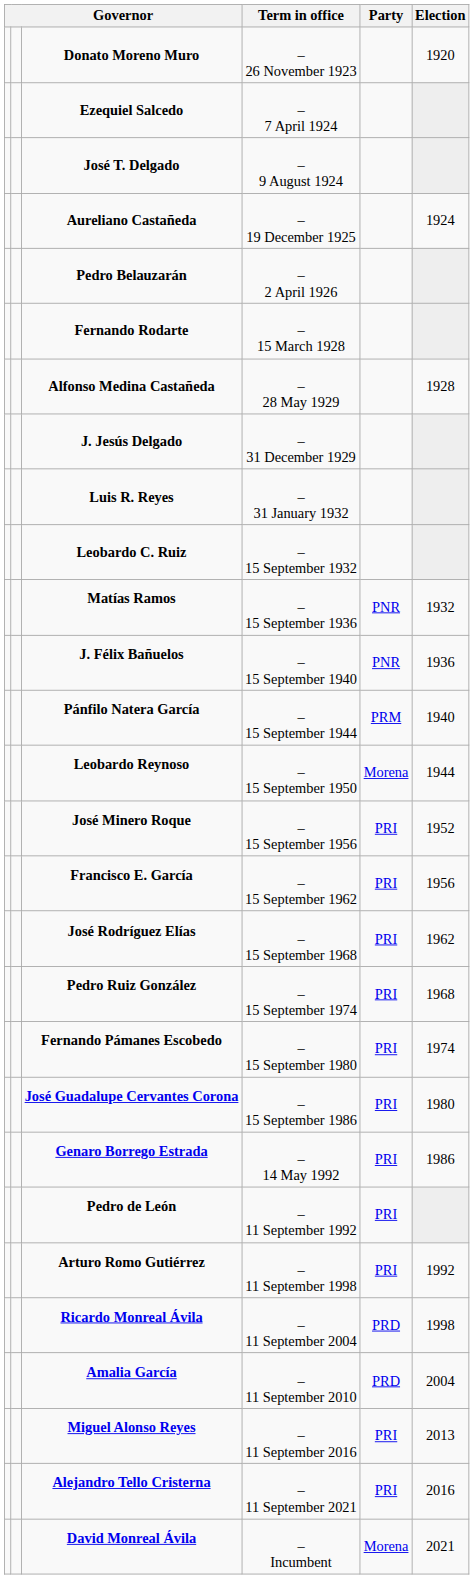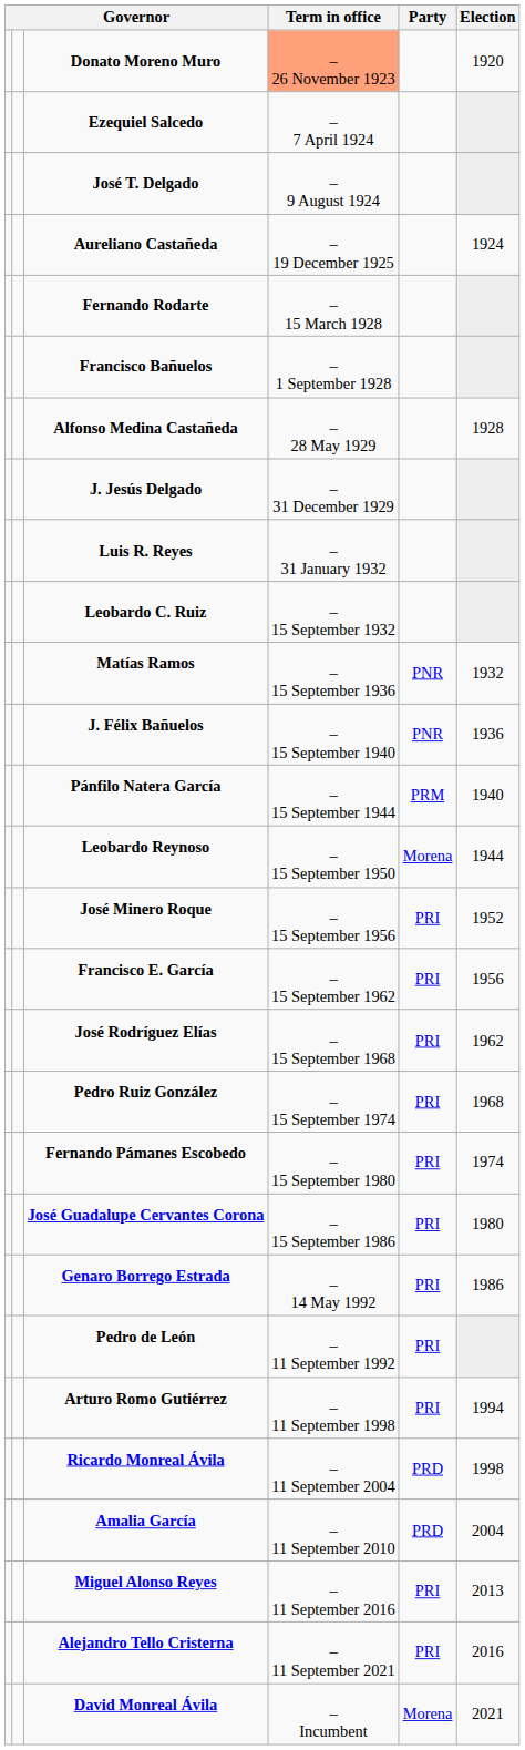 <table class="wikitable sortable mw-collapsible sticky-header-multi" style="text-align:center;">
 <tr>
 <th scope="colgroup" colspan="3">Governor</th>
 <th scope="col">Term in office</th>
 <th scope="col">Party</th>
 <th scope="col">Election</th>
 </tr>
 <tr style="height:2em;">
 <td data-sort-value="Moreno Muro, Donato"></td>
 <td></td>
 <td><strong>Donato Moreno Muro</strong></td>
-<td><br>–<br>26 November 1923</td>
+<td style="background: lightsalmon;"><br>–<br>26 November 1923</td>
 <td></td>
 <td>1920</td>
 </tr>
 <tr style="height:2em;">
 <td data-sort-value="Salcedo, Ezequiel"></td>
 <td></td>
 <td><strong>Ezequiel Salcedo</strong></td>
 <td><br>–<br>7 April 1924</td>
 <td></td>
 <td style="background:#EEEEEE;"></td>
 </tr>
 <tr style="height:2em;">
 <td data-sort-value="Delgado, José T."></td>
 <td></td>
 <td><strong>José T. Delgado</strong></td>
 <td><br>–<br>9 August 1924</td>
 <td></td>
 <td style="background:#EEEEEE;"></td>
 </tr>
 <tr style="height:2em;">
 <td data-sort-value="Castañeda, Aureliano"></td>
 <td></td>
 <td><strong>Aureliano Castañeda</strong></td>
 <td><br>–<br>19 December 1925</td>
 <td></td>
 <td>1924</td>
 </tr>
 <tr style="height:2em;">
-<td data-sort-value="Belauzarán, Pedro"></td>
+<td data-sort-value="Rodarte, Fernando"></td>
 <td></td>
-<td><strong>Pedro Belauzarán</strong></td>
-<td><br>–<br>2 April 1926</td>
+<td><strong>Fernando Rodarte</strong></td>
+<td><br>–<br>15 March 1928</td>
 <td></td>
 <td style="background:#EEEEEE;"></td>
 </tr>
 <tr style="height:2em;">
-<td data-sort-value="Rodarte, Fernando"></td>
+<td data-sort-value="Bañuelos, Francisco"></td>
 <td></td>
-<td><strong>Fernando Rodarte</strong></td>
-<td><br>–<br>15 March 1928</td>
+<td><strong>Francisco Bañuelos</strong></td>
+<td><br>–<br>1 September 1928</td>
 <td></td>
 <td style="background:#EEEEEE;"></td>
 </tr>
 <tr style="height:2em;">
 <td data-sort-value="Medina Castañeda, Alfonso"></td>
 <td></td>
 <td><strong>Alfonso Medina Castañeda</strong></td>
 <td><br>–<br>28 May 1929</td>
 <td></td>
 <td>1928</td>
 </tr>
 <tr style="height:2em;">
 <td data-sort-value="Delgado, José Jesús"></td>
 <td></td>
 <td><strong>J. Jesús Delgado</strong></td>
 <td><br>–<br>31 December 1929</td>
 <td></td>
 <td style="background:#EEEEEE;"></td>
 </tr>
 <tr style="height:2em;">
 <td data-sort-value="Reyes, Luis R."></td>
 <td></td>
 <td><strong>Luis R. Reyes</strong></td>
 <td><br>–<br>31 January 1932</td>
 <td></td>
 <td style="background:#EEEEEE;"></td>
 </tr>
 <tr style="height:2em;">
 <td data-sort-value="Ruiz, Leobardo C."></td>
 <td></td>
 <td><strong>Leobardo C. Ruiz</strong></td>
 <td><br>–<br>15 September 1932</td>
 <td></td>
 <td style="background:#EEEEEE;"></td>
 </tr>
 <tr style="height:2em;">
 <td data-sort-value="Ramos Santos, Matías"></td>
 <td style="background: "> </td>
 <td><strong>Matías Ramos</strong><br><br></td>
 <td><br>–<br>15 September 1936</td>
 <td><a href='#'>PNR</a></td>
 <td>1932</td>
 </tr>
 <tr style="height:2em;">
 <td data-sort-value="Bañuelos Bañuelos, José Félix"></td>
 <td style="background: "> </td>
 <td><strong>J. Félix Bañuelos</strong><br><br></td>
 <td><br>–<br>15 September 1940</td>
 <td><a href='#'>PNR</a></td>
 <td>1936</td>
 </tr>
 <tr style="height:2em;">
 <td data-sort-value="Natera García, Pánfilo"></td>
 <td style="background: "> </td>
 <td><strong>Pánfilo Natera García</strong><br><br></td>
 <td><br>–<br>15 September 1944</td>
 <td><a href='#'>PRM</a></td>
 <td>1940</td>
 </tr>
 <tr style="height:2em;">
 <td data-sort-value="Reynoso Gutiérrez, Leobardo"></td>
 <td style="background: "> </td>
 <td><strong>Leobardo Reynoso</strong><br><br></td>
 <td><br>–<br>15 September 1950</td>
 <td><a href='#'>Morena</a></td>
 <td>1944</td>
 </tr>
 <tr style="height:2em;">
 <td data-sort-value="Minero Roque, José"></td>
 <td style="background: "> </td>
 <td><strong>José Minero Roque</strong><br><br></td>
 <td><br>–<br>15 September 1956</td>
 <td><a href='#'>PRI</a></td>
 <td>1952</td>
 </tr>
 <tr style="height:2em;">
 <td data-sort-value="García Estrada, Francisco E."></td>
 <td style="background: "> </td>
 <td><strong>Francisco E. García</strong><br><br></td>
 <td><br>–<br>15 September 1962</td>
 <td><a href='#'>PRI</a></td>
 <td>1956</td>
 </tr>
 <tr style="height:2em;">
 <td data-sort-value="Rodríguez Elías, José"></td>
 <td style="background: "> </td>
 <td><strong>José Rodríguez Elías</strong><br><br></td>
 <td><br>–<br>15 September 1968</td>
 <td><a href='#'>PRI</a></td>
 <td>1962</td>
 </tr>
 <tr style="height:2em;">
 <td data-sort-value="Ruiz González, Pedro"></td>
 <td style="background: "> </td>
 <td><strong>Pedro Ruiz González</strong><br><br></td>
 <td><br>–<br>15 September 1974</td>
 <td><a href='#'>PRI</a></td>
 <td>1968</td>
 </tr>
 <tr style="height:2em;">
 <td data-sort-value="Pámanes Escobedo, Fernando"></td>
 <td style="background: "> </td>
 <td><strong>Fernando Pámanes Escobedo</strong><br><br></td>
 <td><br>–<br>15 September 1980</td>
 <td><a href='#'>PRI</a></td>
 <td>1974</td>
 </tr>
 <tr style="height:2em;">
 <td data-sort-value="Cervantes Corona, José Guadalupe"></td>
 <td style="background: "> </td>
 <td><strong><a href='#'>José Guadalupe Cervantes Corona</a></strong><br><br></td>
 <td><br>–<br>15 September 1986</td>
 <td><a href='#'>PRI</a></td>
 <td>1980</td>
 </tr>
 <tr style="height:2em;">
 <td data-sort-value="Borrego Estrada, Genaro"></td>
 <td style="background: "> </td>
 <td><strong><a href='#'>Genaro Borrego Estrada</a></strong><br><br></td>
 <td><br>–<br>14 May 1992</td>
 <td><a href='#'>PRI</a></td>
 <td>1986</td>
 </tr>
 <tr style="height:2em;">
 <td data-sort-value="De León Sánchez, Pedro"></td>
 <td style="background: "> </td>
 <td><strong>Pedro de León</strong><br><br></td>
 <td><br>–<br>11 September 1992</td>
 <td><a href='#'>PRI</a></td>
 <td style="background:#EEEEEE;"></td>
 </tr>
 <tr style="height:2em;">
 <td data-sort-value="Romo Gutiérrez, Arturo"></td>
 <td style="background: "> </td>
 <td><strong>Arturo Romo Gutiérrez</strong><br><br></td>
 <td><br>–<br>11 September 1998</td>
 <td><a href='#'>PRI</a></td>
-<td>1992</td>
+<td>1994</td>
 </tr>
 <tr style="height:2em;">
 <td data-sort-value="Monreal Ávila, Ricardo"></td>
 <td style="background: "> </td>
 <td><strong><a href='#'>Ricardo Monreal Ávila</a></strong><br><br></td>
 <td><br>–<br>11 September 2004</td>
 <td><a href='#'>PRD</a></td>
 <td>1998</td>
 </tr>
 <tr style="height:2em;">
 <td data-sort-value="García Medina, Amalia"></td>
 <td style="background: "> </td>
 <td><strong><a href='#'>Amalia García</a></strong><br><br></td>
 <td><br>–<br>11 September 2010</td>
 <td><a href='#'>PRD</a></td>
 <td>2004</td>
 </tr>
 <tr style="height:2em;">
 <td data-sort-value="Alonso Reyes, Miguel"></td>
 <td style="background: "> </td>
 <td><strong><a href='#'>Miguel Alonso Reyes</a></strong><br><br></td>
 <td><br>–<br>11 September 2016</td>
 <td><a href='#'>PRI</a></td>
 <td>2013</td>
 </tr>
 <tr style="height:2em;">
 <td data-sort-value="Tello Cristerna, Alejandro"></td>
 <td style="background: "> </td>
 <td><strong><a href='#'>Alejandro Tello Cristerna</a></strong><br><br></td>
 <td><br>–<br>11 September 2021</td>
 <td><a href='#'>PRI</a></td>
 <td>2016</td>
 </tr>
 <tr style="height:2em;">
 <td data-sort-value="Monreal Ávila, David"></td>
 <td style="background: "> </td>
 <td><strong><a href='#'>David Monreal Ávila</a></strong><br><br></td>
 <td><br>–<br>Incumbent</td>
 <td><a href='#'>Morena</a></td>
 <td>2021</td>
 </tr>
 </table>
